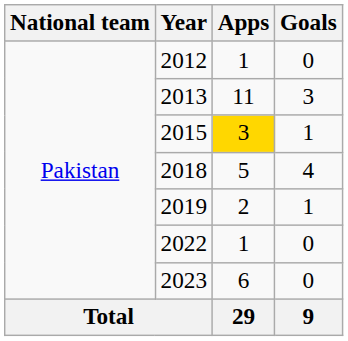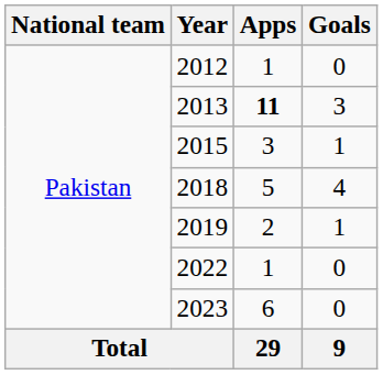 <table class="wikitable" style="text-align:center">
 <tr>
 <th>National team</th>
 <th>Year</th>
 <th>Apps</th>
 <th>Goals</th>
 </tr>
 <tr>
 <td rowspan="7"><a href='#'>Pakistan</a></td>
 <td>2012</td>
 <td>1</td>
 <td>0</td>
 </tr>
 <tr>
 <td>2013</td>
-<td>11</td>
+<td><strong>11</strong></td>
 <td>3</td>
 </tr>
 <tr>
 <td>2015</td>
-<td style="background: gold;">3</td>
+<td>3</td>
 <td>1</td>
 </tr>
 <tr>
 <td>2018</td>
 <td>5</td>
 <td>4</td>
 </tr>
 <tr>
 <td>2019</td>
 <td>2</td>
 <td>1</td>
 </tr>
 <tr>
 <td>2022</td>
 <td>1</td>
 <td>0</td>
 </tr>
 <tr>
 <td>2023</td>
 <td>6</td>
 <td>0</td>
 </tr>
 <tr>
 <th colspan="2">Total</th>
 <th>29</th>
 <th>9</th>
 </tr>
 </table>
